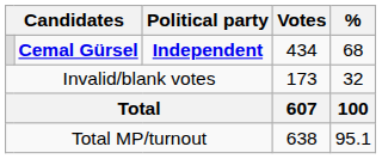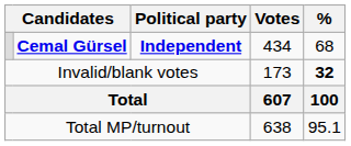 <table class="wikitable" style="text-align:center; font-size:90%">
 <tr>
 <th colspan="2">Candidates</th>
 <th>Political party</th>
 <th>Votes</th>
 <th>%</th>
 </tr>
 <tr>
 <td style="background:#DDDDDD"></td>
 <td><strong><a href='#'>Cemal Gürsel</a></strong></td>
 <td><strong><a href='#'>Independent</a></strong></td>
 <td>434</td>
 <td>68</td>
 </tr>
 <tr>
 <td colspan="3">Invalid/blank votes</td>
 <td>173</td>
-<td>32</td>
+<td><strong>32</strong></td>
 </tr>
 <tr>
 <th colspan="3">Total</th>
 <th>607</th>
 <th>100</th>
 </tr>
 <tr>
 <td colspan="3">Total MP/turnout</td>
 <td>638</td>
 <td>95.1</td>
 </tr>
 </table>
